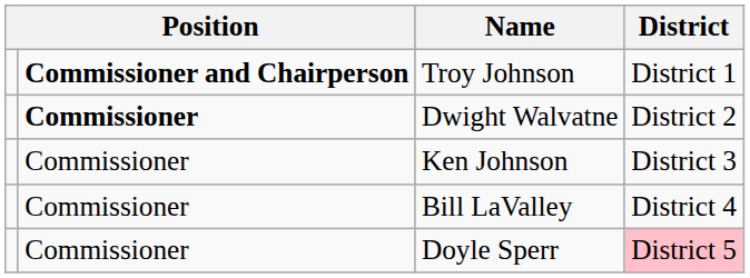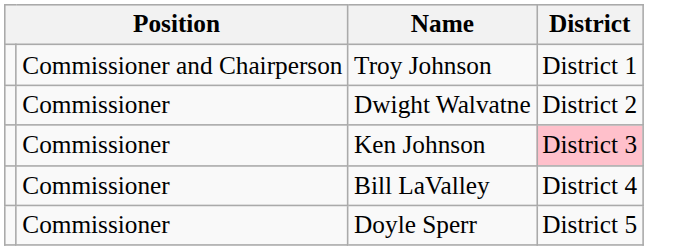 <table class="wikitable">
 <tr>
 <th colspan="2">Position</th>
 <th>Name</th>
 <th>District</th>
 </tr>
 <tr>
 <td></td>
-<td><strong>Commissioner and Chairperson</strong></td>
+<td>Commissioner and Chairperson</td>
 <td>Troy Johnson</td>
 <td>District 1</td>
 </tr>
 <tr>
 <td></td>
-<td><strong>Commissioner</strong></td>
+<td>Commissioner</td>
 <td>Dwight Walvatne</td>
 <td>District 2</td>
 </tr>
 <tr>
 <td></td>
 <td>Commissioner</td>
 <td>Ken Johnson</td>
-<td>District 3</td>
+<td style="background: pink;">District 3</td>
 </tr>
 <tr>
 <td></td>
 <td>Commissioner</td>
 <td>Bill LaValley</td>
 <td>District 4</td>
 </tr>
 <tr>
 <td></td>
 <td>Commissioner</td>
 <td>Doyle Sperr</td>
-<td style="background: pink;">District 5</td>
+<td>District 5</td>
 </tr>
 </table>
